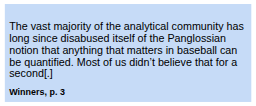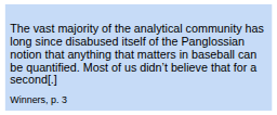 <table class="toccolours" style="float: right; margin-left: 1em; margin-right: 1em; font-size: 85%; background:#c6dbf7; color:black; width:23em; max-width: 25%;" cellspacing="5">
 <tr>
 <td style="text-align: left;"><br>The vast majority of the analytical community has long since disabused itself of the Panglossian notion that anything that matters in baseball can be quantified. Most of us didn’t believe that for a second[.]</td>
 </tr>
 <tr>
-<td style="text-align: left;"><strong><small>Winners, p. 3</small></strong></td>
+<td style="text-align: left;"><small>Winners, p. 3</small></td>
 </tr>
 </table>
